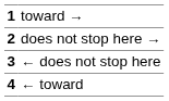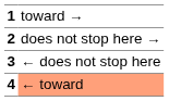 <table border="1" cellspacing="0" cellpadding="3" frame="hsides" rules="rows">
 <tr>
 <th><span>1</span></th>
 <td>  toward  →</td>
 </tr>
 <tr>
 <th><span>2</span></th>
 <td>  does not stop here →</td>
 </tr>
 <tr>
 <th><span>3</span></th>
 <td>←  does not stop here</td>
 </tr>
 <tr>
 <th><span>4</span></th>
-<td>←  toward </td>
+<td style="background: lightsalmon;">←  toward </td>
 </tr>
 </table>
